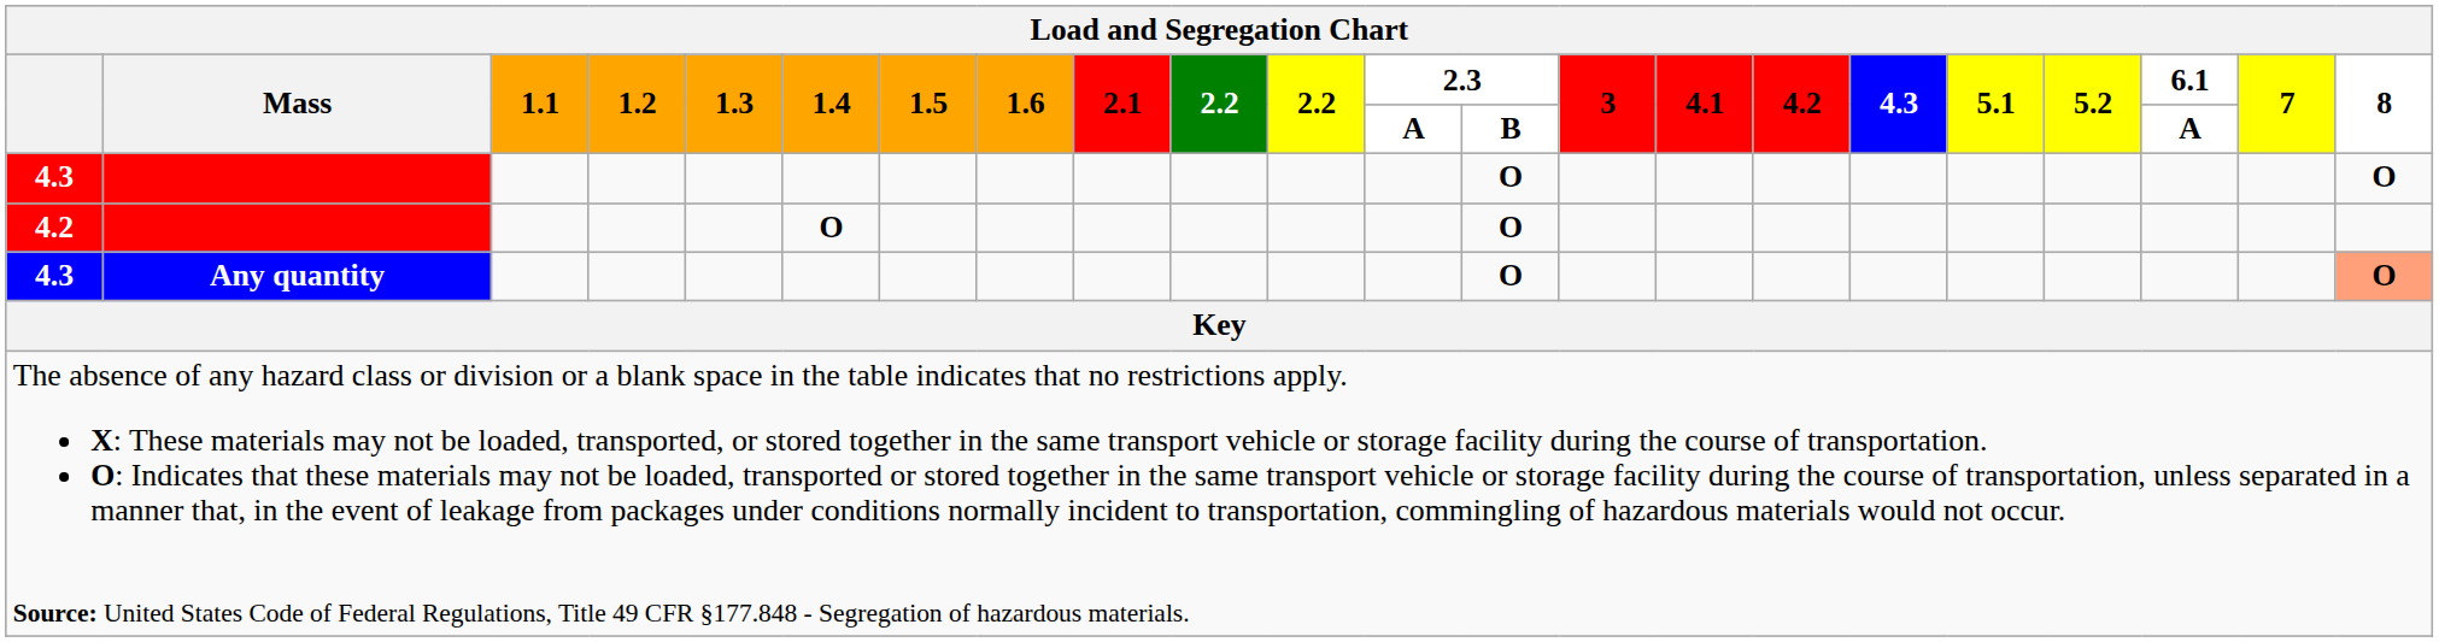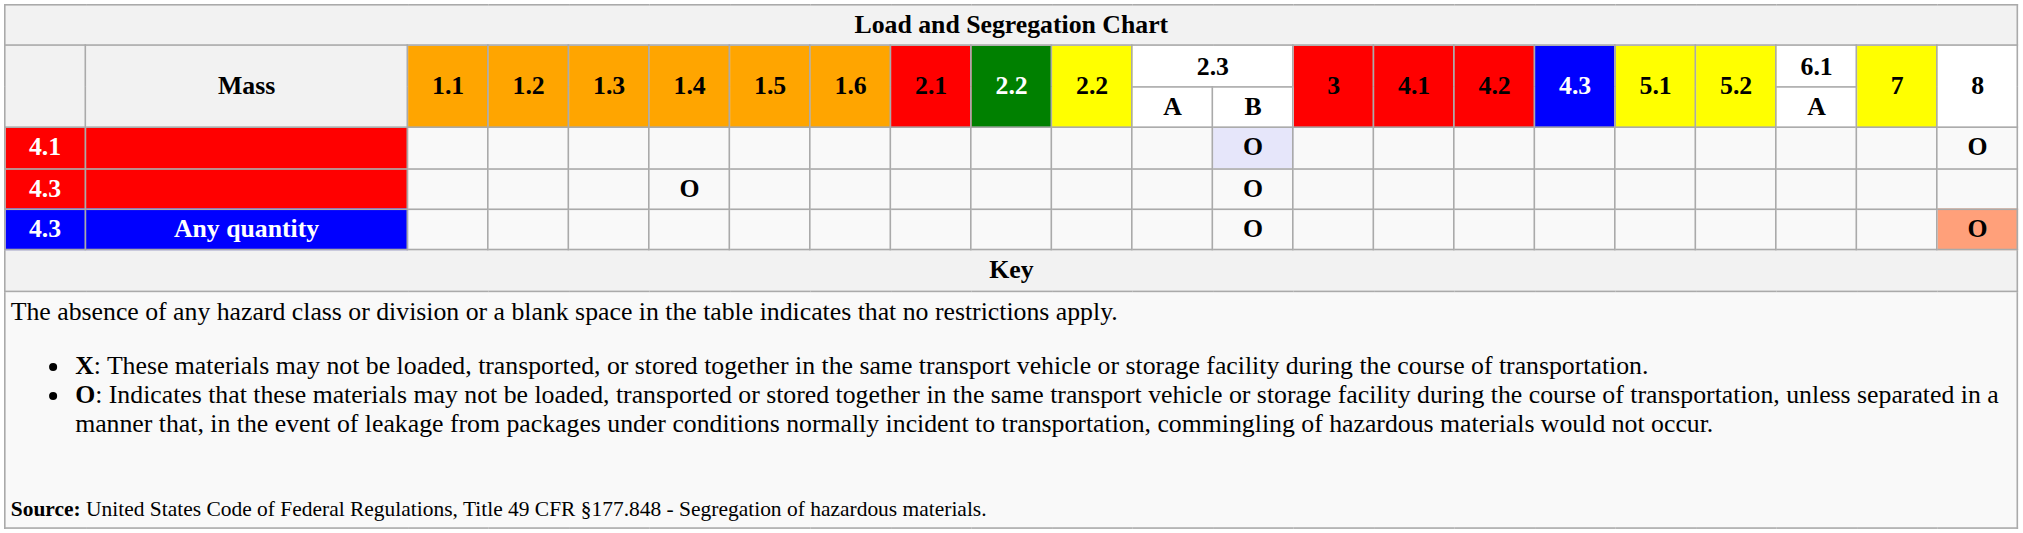 <table width=99% align=center class=wikitable>
 <tr>
 <th colspan=22>Load and Segregation Chart</th>
 </tr>
 <tr>
 <th rowspan=2 width=4%> </th>
 <th rowspan=2>Mass</th>
 <td rowspan=2 style="text-align:center;background-color:orange;" width=4%><strong>1.1</strong></td>
 <td rowspan=2 style="text-align:center;background-color:orange;" width=4%><strong>1.2</strong></td>
 <td rowspan=2 style="text-align:center;background-color:orange;" width=4%><strong>1.3</strong></td>
 <td rowspan=2 style="text-align:center;background-color:orange;" width=4%><strong>1.4</strong></td>
 <td rowspan=2 style="text-align:center;background-color:orange;" width=4%><strong>1.5</strong></td>
 <td rowspan=2 style="text-align:center;background-color:orange;" width=4%><strong>1.6</strong></td>
 <td rowspan=2 style="text-align:center;background-color:red;" width=4%><strong>2.1</strong></td>
 <td rowspan=2 style="text-align:center;background-color:green;color:white;" width=4%><strong>2.2</strong></td>
 <td rowspan=2 style="text-align:center;background-color:yellow;" width=4%><strong>2.2</strong></td>
 <td colspan=2 style="text-align:center;background-color:white;" width=8%><strong>2.3</strong></td>
 <td rowspan=2 style="text-align:center;background-color:red;" width=4%><strong>3</strong></td>
 <td rowspan=2 style="text-align:center;background-color:red;" width=4%><strong>4.1</strong></td>
 <td rowspan=2 style="text-align:center;background-color:red;" width=4%><strong>4.2</strong></td>
 <td rowspan=2 style="text-align:center;background-color:blue;color:white;" width=4%><strong>4.3</strong></td>
 <td rowspan=2 style="text-align:center;background-color:yellow;" width=4%><strong>5.1</strong></td>
 <td rowspan=2 style="text-align:center;background-color:yellow;" width=4%><strong>5.2</strong></td>
 <td style="text-align:center;background-color:white;" width=4%><strong>6.1</strong></td>
 <td rowspan=2 style="text-align:center;background-color:yellow;" width=4%><strong>7</strong></td>
 <td rowspan=2 style="text-align:center;background-color:white;" width=4%><strong>8</strong></td>
 </tr>
 <tr>
 <td style="text-align:center;background-color:white;" width=4%><strong>A</strong></td>
 <td style="text-align:center;background-color:white;" width=4%><strong>B</strong></td>
 <td style="text-align:center;background-color:white;"><strong>A</strong></td>
 </tr>
 <tr>
-<td style="text-align:center;background-color:red;color:white;"><strong>4.3</strong></td>
+<td style="text-align:center;background-color:red;color:white;"><strong>4.1</strong></td>
 <td style="text-align:center;background-color:red;color:white;"><strong></strong></td>
 <td></td>
 <td></td>
 <td style="text-align:center;"> </td>
 <td style="text-align:center;"> </td>
 <td></td>
 <td style="text-align:center;"> </td>
 <td style="text-align:center;"> </td>
 <td style="text-align:center;"> </td>
 <td style="text-align:center;"> </td>
 <td></td>
-<td style="text-align:center;"><strong>O</strong></td>
+<td style="background: lavender; text-align:center;"><strong>O</strong></td>
 <td style="text-align:center;"> </td>
 <td style="text-align:center;"> </td>
 <td style="text-align:center;"> </td>
 <td style="text-align:center;"> </td>
 <td style="text-align:center;"> </td>
 <td style="text-align:center;"> </td>
 <td></td>
 <td style="text-align:center;"> </td>
 <td style="text-align:center;"><strong>O</strong></td>
 </tr>
 <tr>
-<td style="text-align:center;background-color:red;color:white;"><strong>4.2</strong></td>
+<td style="text-align:center;background-color:red;color:white;"><strong>4.3</strong></td>
 <td style="text-align:center;background-color:red;color:white;"><strong></strong></td>
 <td></td>
 <td></td>
 <td></td>
 <td style="text-align:center;"><strong>O</strong></td>
 <td></td>
 <td style="text-align:center;"> </td>
 <td style="text-align:center;"> </td>
 <td style="text-align:center;"> </td>
 <td style="text-align:center;"> </td>
 <td></td>
 <td style="text-align:center;"><strong>O</strong></td>
 <td style="text-align:center;"> </td>
 <td style="text-align:center;"> </td>
 <td style="text-align:center;"> </td>
 <td style="text-align:center;"> </td>
 <td style="text-align:center;"> </td>
 <td style="text-align:center;"> </td>
 <td></td>
 <td style="text-align:center;"> </td>
 <td></td>
 </tr>
 <tr>
 <td style="text-align:center;background-color:blue;color:white;"><strong>4.3</strong></td>
 <td style="text-align:center;background-color:blue;color:white;"><strong>Any quantity</strong></td>
 <td></td>
 <td></td>
 <td></td>
 <td style="text-align:center;"> </td>
 <td></td>
 <td style="text-align:center;"> </td>
 <td style="text-align:center;"> </td>
 <td style="text-align:center;"> </td>
 <td style="text-align:center;"> </td>
 <td></td>
 <td style="text-align:center;"><strong>O</strong></td>
 <td style="text-align:center;"> </td>
 <td style="text-align:center;"> </td>
 <td style="text-align:center;"> </td>
 <td style="text-align:center;"> </td>
 <td style="text-align:center;"> </td>
 <td style="text-align:center;"> </td>
 <td></td>
 <td style="text-align:center;"> </td>
 <td style="background: lightsalmon; text-align:center;"><strong>O</strong></td>
 </tr>
 <tr>
 <th colspan=22>Key</th>
 </tr>
 <tr>
 <td colspan=22>The absence of any hazard class or division or a blank space in the table indicates that no restrictions apply.<br><ul><li><strong>X</strong>: These materials may not be loaded, transported, or stored together in the same transport vehicle or storage facility during the course of transportation.</li><li><strong>O</strong>: Indicates that these materials may not be loaded, transported or stored together in the same transport vehicle or storage facility during the course of transportation, unless separated in a manner that, in the event of leakage from packages under conditions normally incident to transportation, commingling of hazardous materials would not occur.</li></ul><br><small><strong>Source:</strong> United States Code of Federal Regulations, Title 49 CFR §177.848 - Segregation of hazardous materials. </small></td>
 </tr>
 </table>
